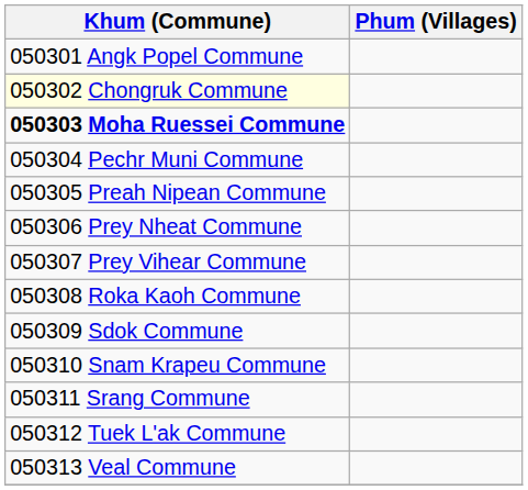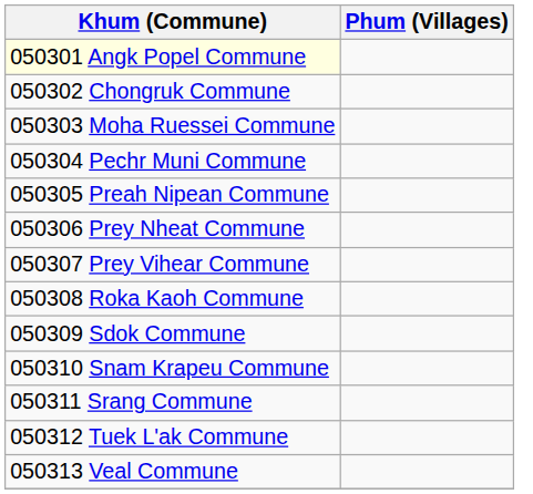 <table class="wikitable">
 <tr>
 <th><a href='#'>Khum</a> (Commune)</th>
 <th><a href='#'>Phum</a> (Villages)</th>
 </tr>
 <tr>
-<td>050301 <a href='#'>Angk Popel Commune</a></td>
+<td style="background: lightyellow;">050301 <a href='#'>Angk Popel Commune</a></td>
 <td></td>
 </tr>
 <tr>
-<td style="background: lightyellow;">050302 <a href='#'>Chongruk Commune</a></td>
+<td>050302 <a href='#'>Chongruk Commune</a></td>
 <td></td>
 </tr>
 <tr>
-<td><strong>050303 <a href='#'>Moha Ruessei Commune</a></strong></td>
+<td>050303 <a href='#'>Moha Ruessei Commune</a></td>
 <td></td>
 </tr>
 <tr>
 <td>050304 <a href='#'>Pechr Muni Commune</a></td>
 <td></td>
 </tr>
 <tr>
 <td>050305 <a href='#'>Preah Nipean Commune</a></td>
 <td></td>
 </tr>
 <tr>
 <td>050306 <a href='#'>Prey Nheat Commune</a></td>
 <td></td>
 </tr>
 <tr>
 <td>050307 <a href='#'>Prey Vihear Commune</a></td>
 <td></td>
 </tr>
 <tr>
 <td>050308 <a href='#'>Roka Kaoh Commune</a></td>
 <td></td>
 </tr>
 <tr>
 <td>050309 <a href='#'>Sdok Commune</a></td>
 <td></td>
 </tr>
 <tr>
 <td>050310 <a href='#'>Snam Krapeu Commune</a></td>
 <td></td>
 </tr>
 <tr>
 <td>050311 <a href='#'>Srang Commune</a></td>
 <td></td>
 </tr>
 <tr>
 <td>050312 <a href='#'>Tuek L'ak Commune</a></td>
 <td></td>
 </tr>
 <tr>
 <td>050313 <a href='#'>Veal Commune</a></td>
 <td></td>
 </tr>
 <tr>
 </tr>
 </table>
